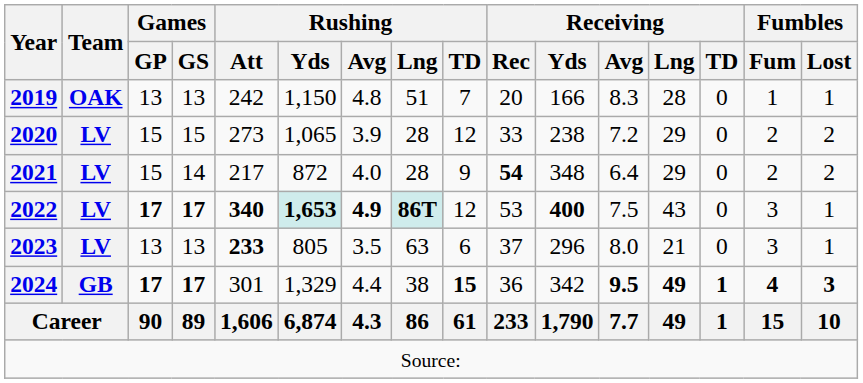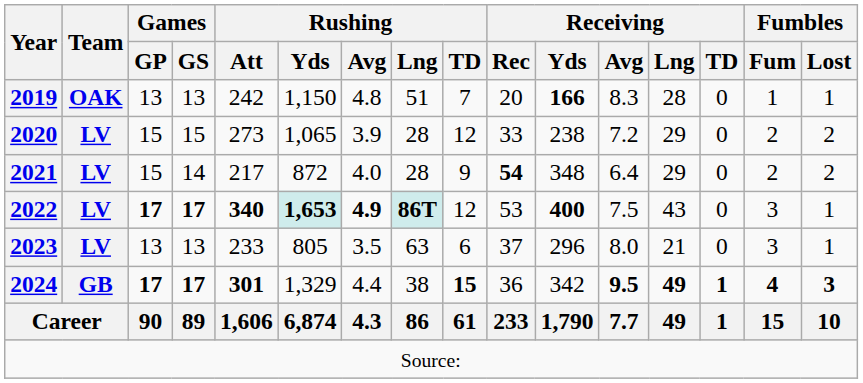 <table class="wikitable" style="text-align:center;">
 <tr>
 <th rowspan="2">Year</th>
 <th rowspan="2">Team</th>
 <th colspan="2">Games</th>
 <th colspan="5">Rushing</th>
 <th colspan="5">Receiving</th>
 <th colspan="2">Fumbles</th>
 </tr>
 <tr>
 <th>GP</th>
 <th>GS</th>
 <th>Att</th>
 <th>Yds</th>
 <th>Avg</th>
 <th>Lng</th>
 <th>TD</th>
 <th>Rec</th>
 <th>Yds</th>
 <th>Avg</th>
 <th>Lng</th>
 <th>TD</th>
 <th>Fum</th>
 <th>Lost</th>
 </tr>
 <tr>
 <th><a href='#'>2019</a></th>
 <th><a href='#'>OAK</a></th>
 <td>13</td>
 <td>13</td>
 <td>242</td>
 <td>1,150</td>
 <td>4.8</td>
 <td>51</td>
 <td>7</td>
 <td>20</td>
-<td>166</td>
+<td><strong>166</strong></td>
 <td>8.3</td>
 <td>28</td>
 <td>0</td>
 <td>1</td>
 <td>1</td>
 </tr>
 <tr>
 <th><a href='#'>2020</a></th>
 <th><a href='#'>LV</a></th>
 <td>15</td>
 <td>15</td>
 <td>273</td>
 <td>1,065</td>
 <td>3.9</td>
 <td>28</td>
 <td>12</td>
 <td>33</td>
 <td>238</td>
 <td>7.2</td>
 <td>29</td>
 <td>0</td>
 <td>2</td>
 <td>2</td>
 </tr>
 <tr>
 <th><a href='#'>2021</a></th>
 <th><a href='#'>LV</a></th>
 <td>15</td>
 <td>14</td>
 <td>217</td>
 <td>872</td>
 <td>4.0</td>
 <td>28</td>
 <td>9</td>
 <td><strong>54</strong></td>
 <td>348</td>
 <td>6.4</td>
 <td>29</td>
 <td>0</td>
 <td>2</td>
 <td>2</td>
 </tr>
 <tr>
 <th><a href='#'>2022</a></th>
 <th><a href='#'>LV</a></th>
 <td><strong>17</strong></td>
 <td><strong>17</strong></td>
 <td><strong>340</strong></td>
 <td style="background:#cfecec;"><strong>1,653</strong></td>
 <td><strong>4.9</strong></td>
 <td style="background:#cfecec;"><strong>86T</strong></td>
 <td>12</td>
 <td>53</td>
 <td><strong>400</strong></td>
 <td>7.5</td>
 <td>43</td>
 <td>0</td>
 <td>3</td>
 <td>1</td>
 </tr>
 <tr>
 <th><a href='#'>2023</a></th>
 <th><a href='#'>LV</a></th>
 <td>13</td>
 <td>13</td>
-<td><strong>233</strong></td>
+<td>233</td>
 <td>805</td>
 <td>3.5</td>
 <td>63</td>
 <td>6</td>
 <td>37</td>
 <td>296</td>
 <td>8.0</td>
 <td>21</td>
 <td>0</td>
 <td>3</td>
 <td>1</td>
 </tr>
 <tr>
 <th><a href='#'>2024</a></th>
 <th><a href='#'>GB</a></th>
 <td><strong>17</strong></td>
 <td><strong>17</strong></td>
-<td>301</td>
+<td><strong>301</strong></td>
 <td>1,329</td>
 <td>4.4</td>
 <td>38</td>
 <td><strong>15</strong></td>
 <td>36</td>
 <td>342</td>
 <td><strong>9.5</strong></td>
 <td><strong> 49</strong></td>
 <td><strong>1</strong></td>
 <td><strong>4</strong></td>
 <td><strong>3</strong></td>
 </tr>
 <tr>
 <th colspan="2">Career</th>
 <th>90</th>
 <th>89</th>
 <th>1,606</th>
 <th>6,874</th>
 <th>4.3</th>
 <th>86</th>
 <th>61</th>
 <th>233</th>
 <th>1,790</th>
 <th>7.7</th>
 <th>49</th>
 <th>1</th>
 <th>15</th>
 <th>10</th>
 </tr>
 <tr>
 <td colspan="16"><small>Source: </small></td>
 </tr>
 </table>
